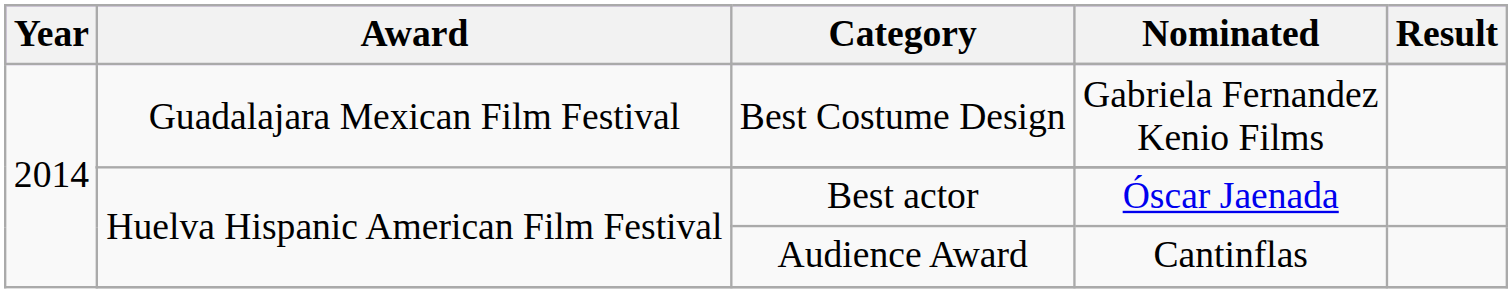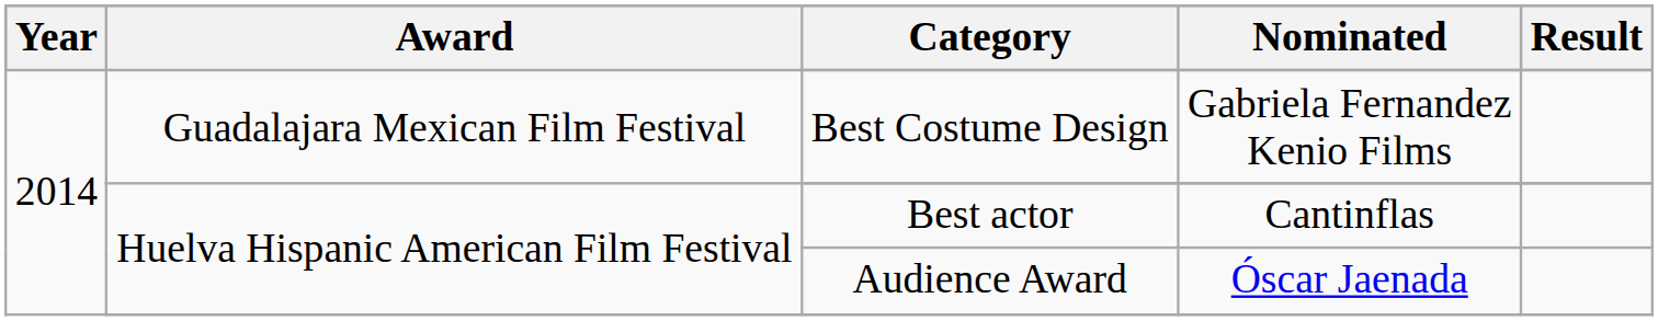 <table class="wikitable plainrowheaders" style="text-align:center;">
 <tr style="background:#96c;">
 <th scope="col">Year</th>
 <th scope="col">Award</th>
 <th scope="col">Category</th>
 <th scope="col">Nominated</th>
 <th scope="col">Result</th>
 </tr>
 <tr>
 <td scope="row" rowspan="18">2014</td>
 <td rowspan="2">Guadalajara Mexican Film Festival  </td>
 </tr>
 <tr>
 <td scope="row">Best Costume Design</td>
 <td>Gabriela Fernandez <br>Kenio Films</td>
 <td></td>
 </tr>
 <tr>
 <td rowspan="3">Huelva Hispanic American Film Festival  </td>
 </tr>
 <tr>
 <td scope="row">Best actor</td>
-<td><a href='#'>Óscar Jaenada</a></td>
+<td>Cantinflas</td>
 <td></td>
 </tr>
 <tr>
 <td scope="row">Audience Award</td>
-<td>Cantinflas</td>
+<td><a href='#'>Óscar Jaenada</a></td>
 <td></td>
 </tr>
 <tr>
 </tr>
 </table>
